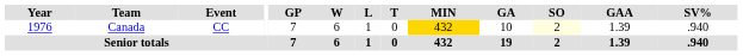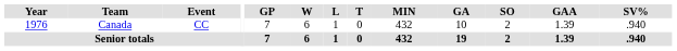 <table border="0" cellpadding="1" cellspacing="0" ID="Table3" style="text-align:center; width:60em">
 <tr ALIGN="center" bgcolor="#e0e0e0">
 <th>Year</th>
 <th>Team</th>
 <th>Event</th>
 <th rowspan="99" bgcolor="#ffffff"></th>
 <th>GP</th>
 <th>W</th>
 <th>L</th>
 <th>T</th>
 <th>MIN</th>
 <th>GA</th>
 <th>SO</th>
 <th>GAA</th>
 <th>SV%</th>
 </tr>
 <tr>
 <td><a href='#'>1976</a></td>
 <td><a href='#'>Canada</a></td>
 <td><a href='#'>CC</a></td>
 <td>7</td>
 <td>6</td>
 <td>1</td>
 <td>0</td>
-<td style="background: gold;">432</td>
+<td>432</td>
 <td>10</td>
-<td style="background: lightyellow;">2</td>
+<td>2</td>
 <td>1.39</td>
 <td>.940</td>
 </tr>
 <tr bgcolor="#e0e0e0">
 <th colspan=4>Senior totals</th>
 <th>7</th>
 <th>6</th>
 <th>1</th>
 <th>0</th>
 <th>432</th>
 <th>19</th>
 <th>2</th>
 <th>1.39</th>
 <th>.940</th>
 </tr>
 </table>
